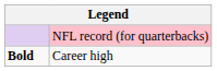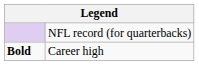 <table class="wikitable">
 <tr>
 <th colspan="2">Legend</th>
 </tr>
 <tr>
 <td style="background:#e0cef2; width:3em;"></td>
-<td style="background: pink;">NFL record (for quarterbacks)</td>
+<td>NFL record (for quarterbacks)</td>
 </tr>
 <tr>
 <td style="width:3em;"><strong>Bold</strong></td>
 <td>Career high</td>
 </tr>
 </table>
